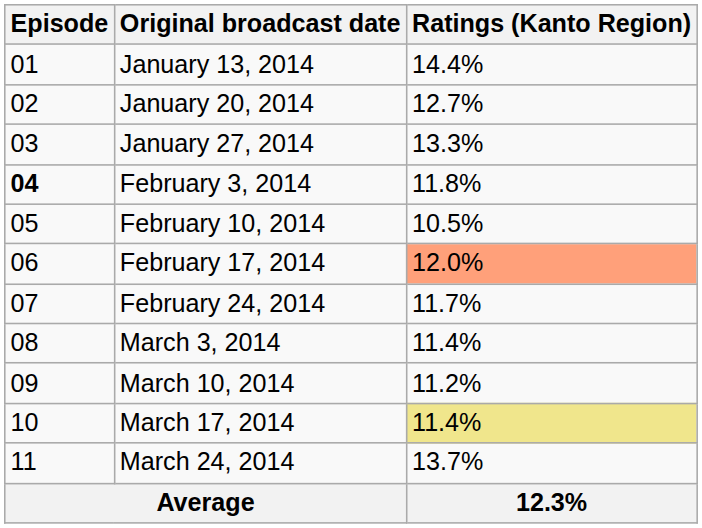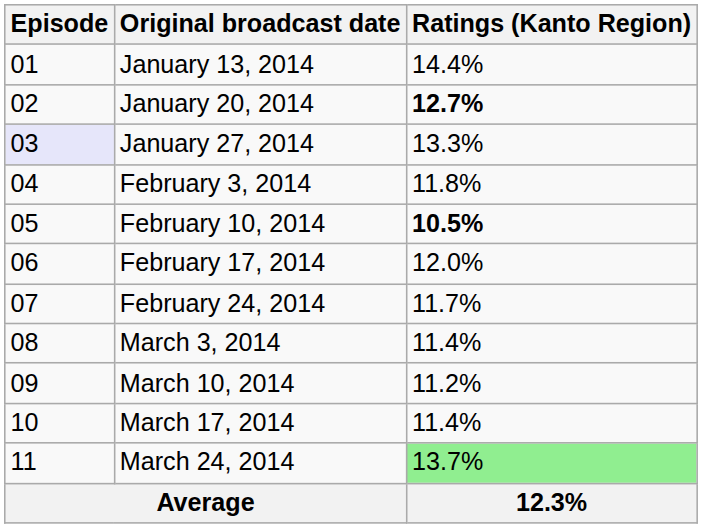 <table class="wikitable">
 <tr>
 <th>Episode</th>
 <th>Original broadcast date</th>
 <th>Ratings (Kanto Region)</th>
 </tr>
 <tr>
 <td>01</td>
 <td>January 13, 2014</td>
 <td>14.4%</td>
 </tr>
 <tr>
 <td>02</td>
 <td>January 20, 2014</td>
-<td>12.7%</td>
+<td><strong>12.7%</strong></td>
 </tr>
 <tr>
-<td>03</td>
+<td style="background: lavender;">03</td>
 <td>January 27, 2014</td>
 <td>13.3%</td>
 </tr>
 <tr>
-<td><strong>04</strong></td>
+<td>04</td>
 <td>February 3, 2014</td>
 <td>11.8%</td>
 </tr>
 <tr>
 <td>05</td>
 <td>February 10, 2014</td>
-<td>10.5%</td>
+<td><strong>10.5%</strong></td>
 </tr>
 <tr>
 <td>06</td>
 <td>February 17, 2014</td>
-<td style="background: lightsalmon;">12.0%</td>
+<td>12.0%</td>
 </tr>
 <tr>
 <td>07</td>
 <td>February 24, 2014</td>
 <td>11.7%</td>
 </tr>
 <tr>
 <td>08</td>
 <td>March 3, 2014</td>
 <td>11.4%</td>
 </tr>
 <tr>
 <td>09</td>
 <td>March 10, 2014</td>
 <td>11.2%</td>
 </tr>
 <tr>
 <td>10</td>
 <td>March 17, 2014</td>
-<td style="background: khaki;">11.4%</td>
+<td>11.4%</td>
 </tr>
 <tr>
 <td>11</td>
 <td>March 24, 2014</td>
-<td>13.7%</td>
+<td style="background: lightgreen;">13.7%</td>
 </tr>
 <tr>
 <th colspan=2>Average</th>
 <th>12.3%</th>
 </tr>
 </table>
